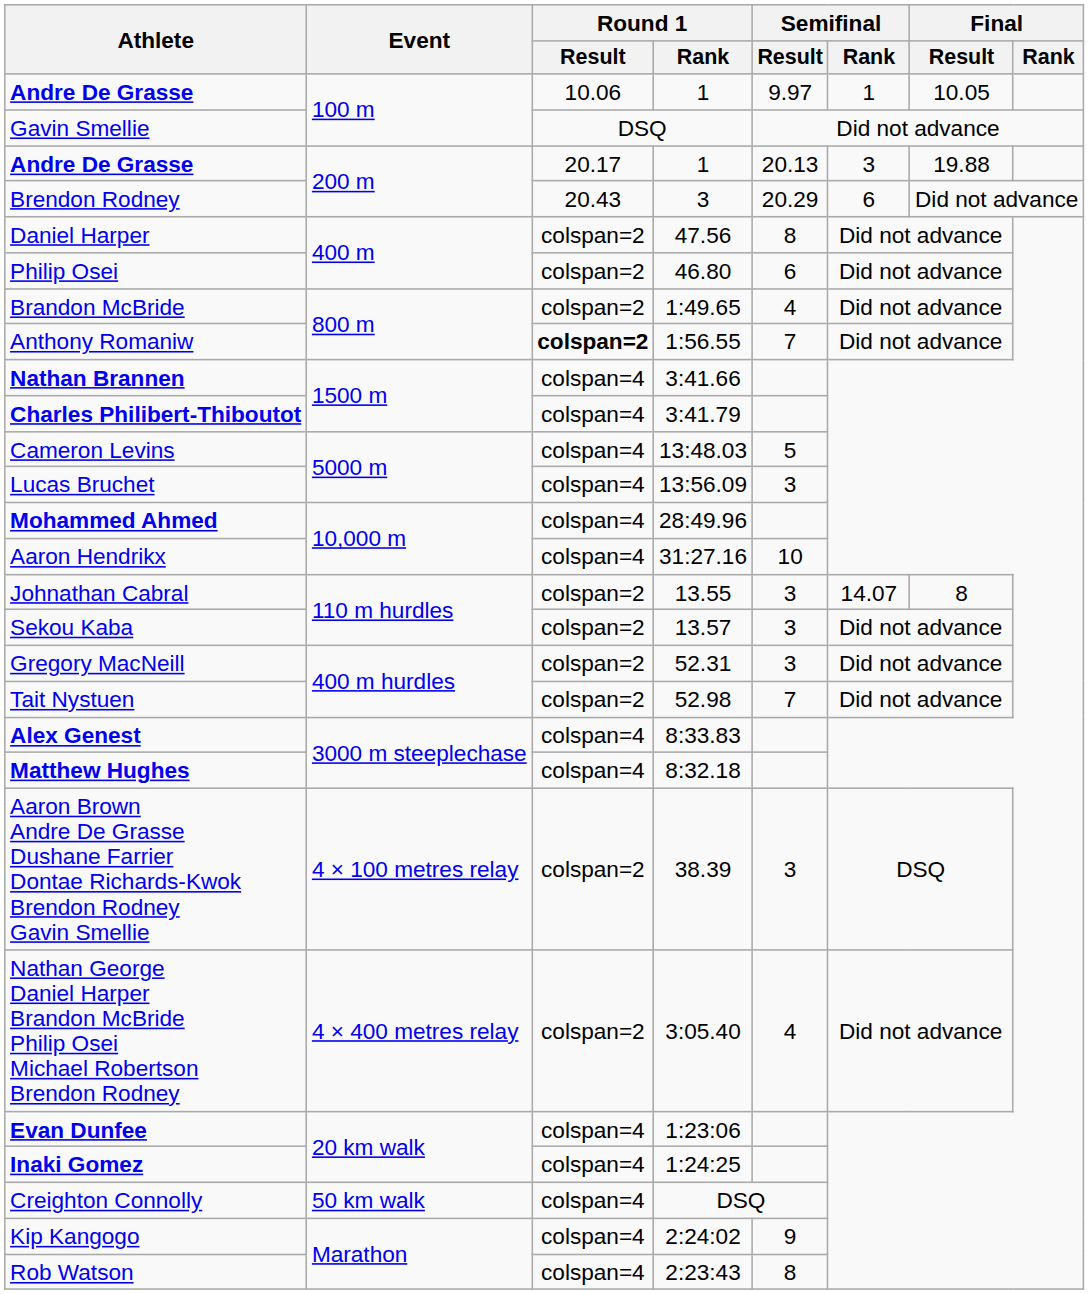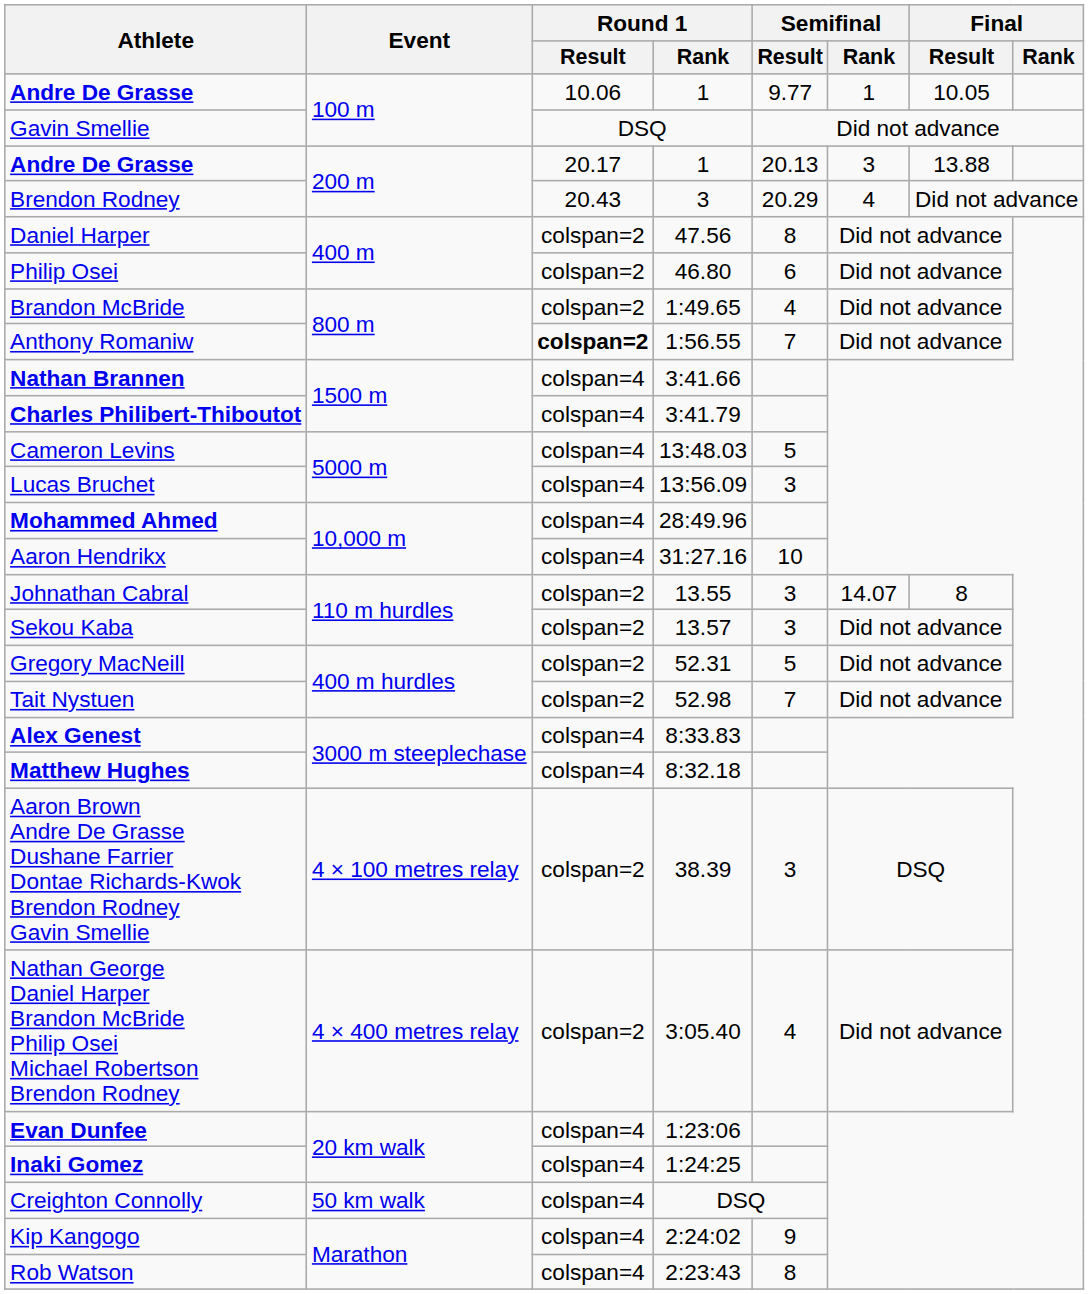 <table class=wikitable style="font-size:90%">
 <tr>
 <th rowspan=2>Athlete</th>
 <th rowspan=2>Event</th>
 <th colspan=2>Round 1</th>
 <th colspan=2>Semifinal</th>
 <th colspan=2>Final</th>
 </tr>
 <tr style="font-size:95%">
 <th>Result</th>
 <th>Rank</th>
 <th>Result</th>
 <th>Rank</th>
 <th>Result</th>
 <th>Rank</th>
 </tr>
 <tr align=center>
 <td align=left><strong><a href='#'>Andre De Grasse</a></strong></td>
 <td align=left rowspan=2><a href='#'>100 m</a></td>
 <td>10.06</td>
 <td>1</td>
-<td>9.97</td>
+<td>9.77</td>
 <td>1</td>
 <td>10.05</td>
 <td></td>
 </tr>
 <tr align=center>
 <td align=left><a href='#'>Gavin Smellie</a></td>
 <td colspan=2>DSQ</td>
 <td colspan=4>Did not advance</td>
 </tr>
 <tr align=center>
 <td align=left><strong><a href='#'>Andre De Grasse</a></strong></td>
 <td align=left rowspan=2><a href='#'>200 m</a></td>
 <td>20.17</td>
 <td>1</td>
 <td>20.13</td>
 <td>3</td>
-<td>19.88</td>
+<td>13.88</td>
 <td></td>
 </tr>
 <tr align=center>
 <td align=left><a href='#'>Brendon Rodney</a></td>
 <td>20.43</td>
 <td>3</td>
 <td>20.29</td>
-<td>6</td>
+<td>4</td>
 <td colspan=2>Did not advance</td>
 </tr>
 <tr align=center>
 <td align=left><a href='#'>Daniel Harper</a></td>
 <td align=left rowspan=2><a href='#'>400 m</a></td>
 <td>colspan=2 </td>
 <td>47.56</td>
 <td>8</td>
 <td colspan=2>Did not advance</td>
 </tr>
 <tr align=center>
 <td align=left><a href='#'>Philip Osei</a></td>
 <td>colspan=2 </td>
 <td>46.80</td>
 <td>6</td>
 <td colspan=2>Did not advance</td>
 </tr>
 <tr align=center>
 <td align=left><a href='#'>Brandon McBride</a></td>
 <td align=left rowspan=2><a href='#'>800 m</a></td>
 <td>colspan=2 </td>
 <td>1:49.65</td>
 <td>4</td>
 <td colspan=2>Did not advance</td>
 </tr>
 <tr align=center>
 <td align=left><a href='#'>Anthony Romaniw</a></td>
 <td><strong>colspan=2 </strong></td>
 <td>1:56.55</td>
 <td>7</td>
 <td colspan=2>Did not advance</td>
 </tr>
 <tr align=center>
 <td align=left><strong><a href='#'>Nathan Brannen</a></strong></td>
 <td align=left rowspan=2><a href='#'>1500 m</a></td>
 <td>colspan=4 </td>
 <td>3:41.66</td>
 <td></td>
 </tr>
 <tr align=center>
 <td align=left><strong><a href='#'>Charles Philibert-Thiboutot</a></strong></td>
 <td>colspan=4 </td>
 <td>3:41.79</td>
 <td></td>
 </tr>
 <tr align=center>
 <td align=left><a href='#'>Cameron Levins</a></td>
 <td align=left rowspan=2><a href='#'>5000 m</a></td>
 <td>colspan=4 </td>
 <td>13:48.03</td>
 <td>5</td>
 </tr>
 <tr align=center>
 <td align=left><a href='#'>Lucas Bruchet</a></td>
 <td>colspan=4 </td>
 <td>13:56.09</td>
 <td>3</td>
 </tr>
 <tr align=center>
 <td align=left><strong><a href='#'>Mohammed Ahmed</a></strong></td>
 <td align=left rowspan=2><a href='#'>10,000 m</a></td>
 <td>colspan=4 </td>
 <td>28:49.96</td>
 <td></td>
 </tr>
 <tr align=center>
 <td align=left><a href='#'>Aaron Hendrikx</a></td>
 <td>colspan=4 </td>
 <td>31:27.16</td>
 <td>10</td>
 </tr>
 <tr align=center>
 <td align=left><a href='#'>Johnathan Cabral</a></td>
 <td align=left rowspan=2><a href='#'>110 m hurdles</a></td>
 <td>colspan=2 </td>
 <td>13.55</td>
 <td>3</td>
 <td>14.07</td>
 <td>8</td>
 </tr>
 <tr align=center>
 <td align=left><a href='#'>Sekou Kaba</a></td>
 <td>colspan=2 </td>
 <td>13.57</td>
 <td>3</td>
 <td colspan=2>Did not advance</td>
 </tr>
 <tr align=center>
 <td align=left><a href='#'>Gregory MacNeill</a></td>
 <td align=left rowspan=2><a href='#'>400 m hurdles</a></td>
 <td>colspan=2 </td>
 <td>52.31</td>
-<td>3</td>
+<td>5</td>
 <td colspan=2>Did not advance</td>
 </tr>
 <tr align=center>
 <td align=left><a href='#'>Tait Nystuen</a></td>
 <td>colspan=2 </td>
 <td>52.98</td>
 <td>7</td>
 <td colspan=2>Did not advance</td>
 </tr>
 <tr align=center>
 <td align=left><strong><a href='#'>Alex Genest</a></strong></td>
 <td align=left rowspan=2><a href='#'>3000 m steeplechase</a></td>
 <td>colspan=4 </td>
 <td>8:33.83</td>
 <td></td>
 </tr>
 <tr align=center>
 <td align=left><strong><a href='#'>Matthew Hughes</a></strong></td>
 <td>colspan=4 </td>
 <td>8:32.18</td>
 <td></td>
 </tr>
 <tr align=center>
 <td align=left><a href='#'>Aaron Brown</a><br><a href='#'>Andre De Grasse</a><br><a href='#'>Dushane Farrier</a><br><a href='#'>Dontae Richards-Kwok</a><br><a href='#'>Brendon Rodney</a><br><a href='#'>Gavin Smellie</a></td>
 <td align=left><a href='#'>4 × 100 metres relay</a></td>
 <td>colspan=2 </td>
 <td>38.39</td>
 <td>3</td>
 <td colspan=2>DSQ</td>
 </tr>
 <tr align=center>
 <td align=left><a href='#'>Nathan George</a><br><a href='#'>Daniel Harper</a><br><a href='#'>Brandon McBride</a><br><a href='#'>Philip Osei</a><br><a href='#'>Michael Robertson</a><br><a href='#'>Brendon Rodney</a></td>
 <td align=left><a href='#'>4 × 400 metres relay</a></td>
 <td>colspan=2 </td>
 <td>3:05.40</td>
 <td>4</td>
 <td colspan=2>Did not advance</td>
 </tr>
 <tr align=center>
 <td align=left><strong><a href='#'>Evan Dunfee</a></strong></td>
 <td align=left rowspan=2><a href='#'>20 km walk</a></td>
 <td>colspan=4 </td>
 <td>1:23:06</td>
 <td></td>
 </tr>
 <tr align=center>
 <td align=left><strong><a href='#'>Inaki Gomez</a></strong></td>
 <td>colspan=4 </td>
 <td>1:24:25</td>
 <td></td>
 </tr>
 <tr align=center>
 <td align=left><a href='#'>Creighton Connolly</a></td>
 <td align=left><a href='#'>50 km walk</a></td>
 <td>colspan=4 </td>
 <td colspan=2>DSQ</td>
 </tr>
 <tr align=center>
 <td align=left><a href='#'>Kip Kangogo</a></td>
 <td align=left rowspan=2><a href='#'>Marathon</a></td>
 <td>colspan=4 </td>
 <td>2:24:02</td>
 <td>9</td>
 </tr>
 <tr align=center>
 <td align=left><a href='#'>Rob Watson</a></td>
 <td>colspan=4 </td>
 <td>2:23:43</td>
 <td>8</td>
 </tr>
 </table>
